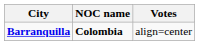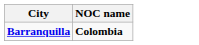 <table class="wikitable">
 <tr>
 <th>City</th>
 <th>NOC name</th>
-<th>Votes</th>
 </tr>
 <tr>
 <td><strong><a href='#'>Barranquilla</a></strong></td>
 <td><strong> Colombia</strong></td>
-<td>align=center <strong></strong></td>
 </tr>
 </table>
